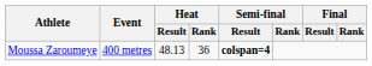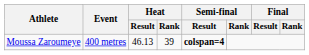 <table class="wikitable" style="font-size:90%">
 <tr>
 <th rowspan="2">Athlete</th>
 <th rowspan="2">Event</th>
 <th colspan="2">Heat</th>
 <th colspan="2">Semi-final</th>
 <th colspan="2">Final</th>
 </tr>
 <tr style="font-size:95%">
 <th>Result</th>
 <th>Rank</th>
 <th>Result</th>
 <th>Rank</th>
 <th>Result</th>
 <th>Rank</th>
 </tr>
 <tr style=text-align:center>
 <td style=text-align:left><a href='#'>Moussa Zaroumeye</a></td>
 <td style=text-align:left><a href='#'>400 metres</a></td>
-<td>48.13</td>
-<td>36</td>
+<td>46.13</td>
+<td>39</td>
 <td><strong>colspan=4 </strong></td>
 </tr>
 </table>
